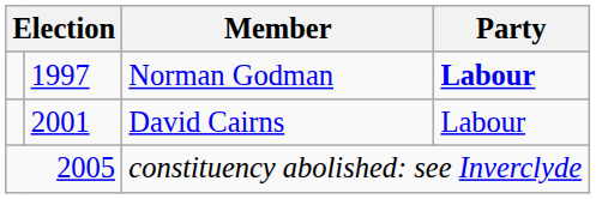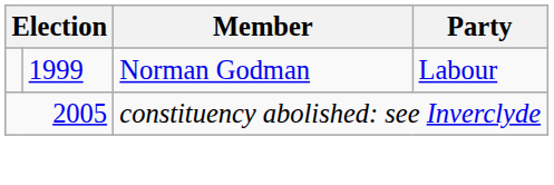 <table class="wikitable">
 <tr>
 <th colspan="2">Election</th>
 <th>Member</th>
 <th>Party</th>
 </tr>
 <tr>
 <td style="color:inherit;background-color: "></td>
-<td><a href='#'>1997</a></td>
+<td><a href='#'>1999</a></td>
 <td><a href='#'>Norman Godman</a></td>
-<td><strong><a href='#'>Labour</a></strong></td>
-</tr>
-<tr>
-<td style="color:inherit;background-color: "></td>
-<td><a href='#'>2001</a></td>
-<td><a href='#'>David Cairns</a></td>
 <td><a href='#'>Labour</a></td>
 </tr>
 <tr>
 <td colspan="2" align="right"><a href='#'>2005</a></td>
 <td colspan="2"><em>constituency abolished: see <a href='#'>Inverclyde</a></em></td>
 </tr>
 </table>
